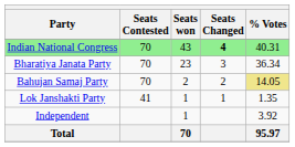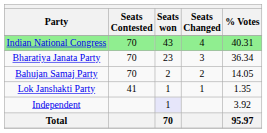 <table class="wikitable sortable" style="text-align:center;">
 <tr>
 <th colspan=10></th>
 </tr>
 <tr bgcolor="#cccccc">
 <th>Party</th>
 <th>Seats<br>Contested</th>
 <th>Seats<br>won</th>
 <th>Seats<br> Changed</th>
 <th>% Votes</th>
 </tr>
 <tr>
 </tr>
 <tr style="background: #90EE90;">
 <td><a href='#'>Indian National Congress</a></td>
 <td>70</td>
 <td>43</td>
-<td><strong> 4</strong></td>
+<td> 4</td>
 <td>40.31</td>
 </tr>
 <tr>
 <td><a href='#'>Bharatiya Janata Party</a></td>
 <td>70</td>
 <td>23</td>
 <td> 3</td>
 <td>36.34</td>
 </tr>
 <tr>
 <td><a href='#'>Bahujan Samaj Party</a></td>
 <td>70</td>
 <td>2</td>
 <td> 2</td>
-<td style="background: khaki;">14.05</td>
+<td>14.05</td>
 </tr>
 <tr>
 <td><a href='#'>Lok Janshakti Party</a></td>
 <td>41</td>
 <td>1</td>
 <td> 1</td>
 <td>1.35</td>
 </tr>
 <tr>
 <td><a href='#'>Independent</a></td>
 <td></td>
-<td>1</td>
+<td style="background: lavender;">1</td>
 <td></td>
 <td>3.92</td>
 </tr>
 <tr>
 <th>Total</th>
 <th></th>
 <th>70</th>
 <th></th>
 <th>95.97</th>
 </tr>
 <tr>
 </tr>
 </table>
